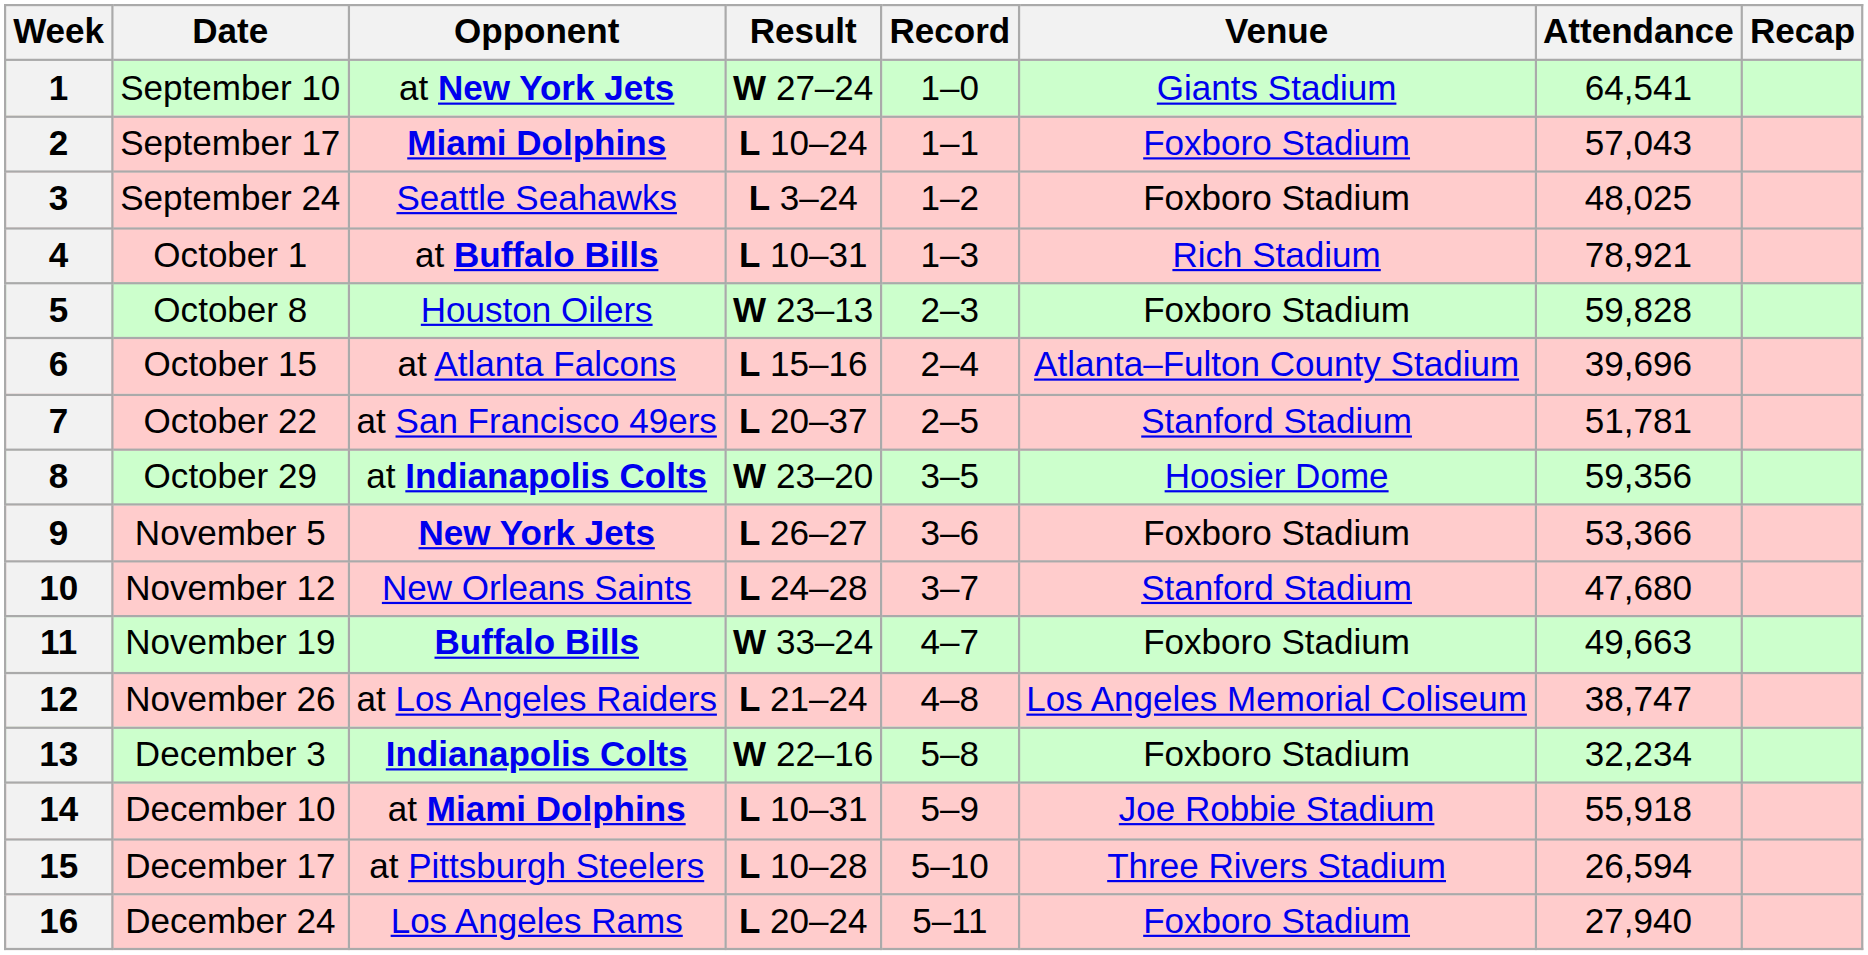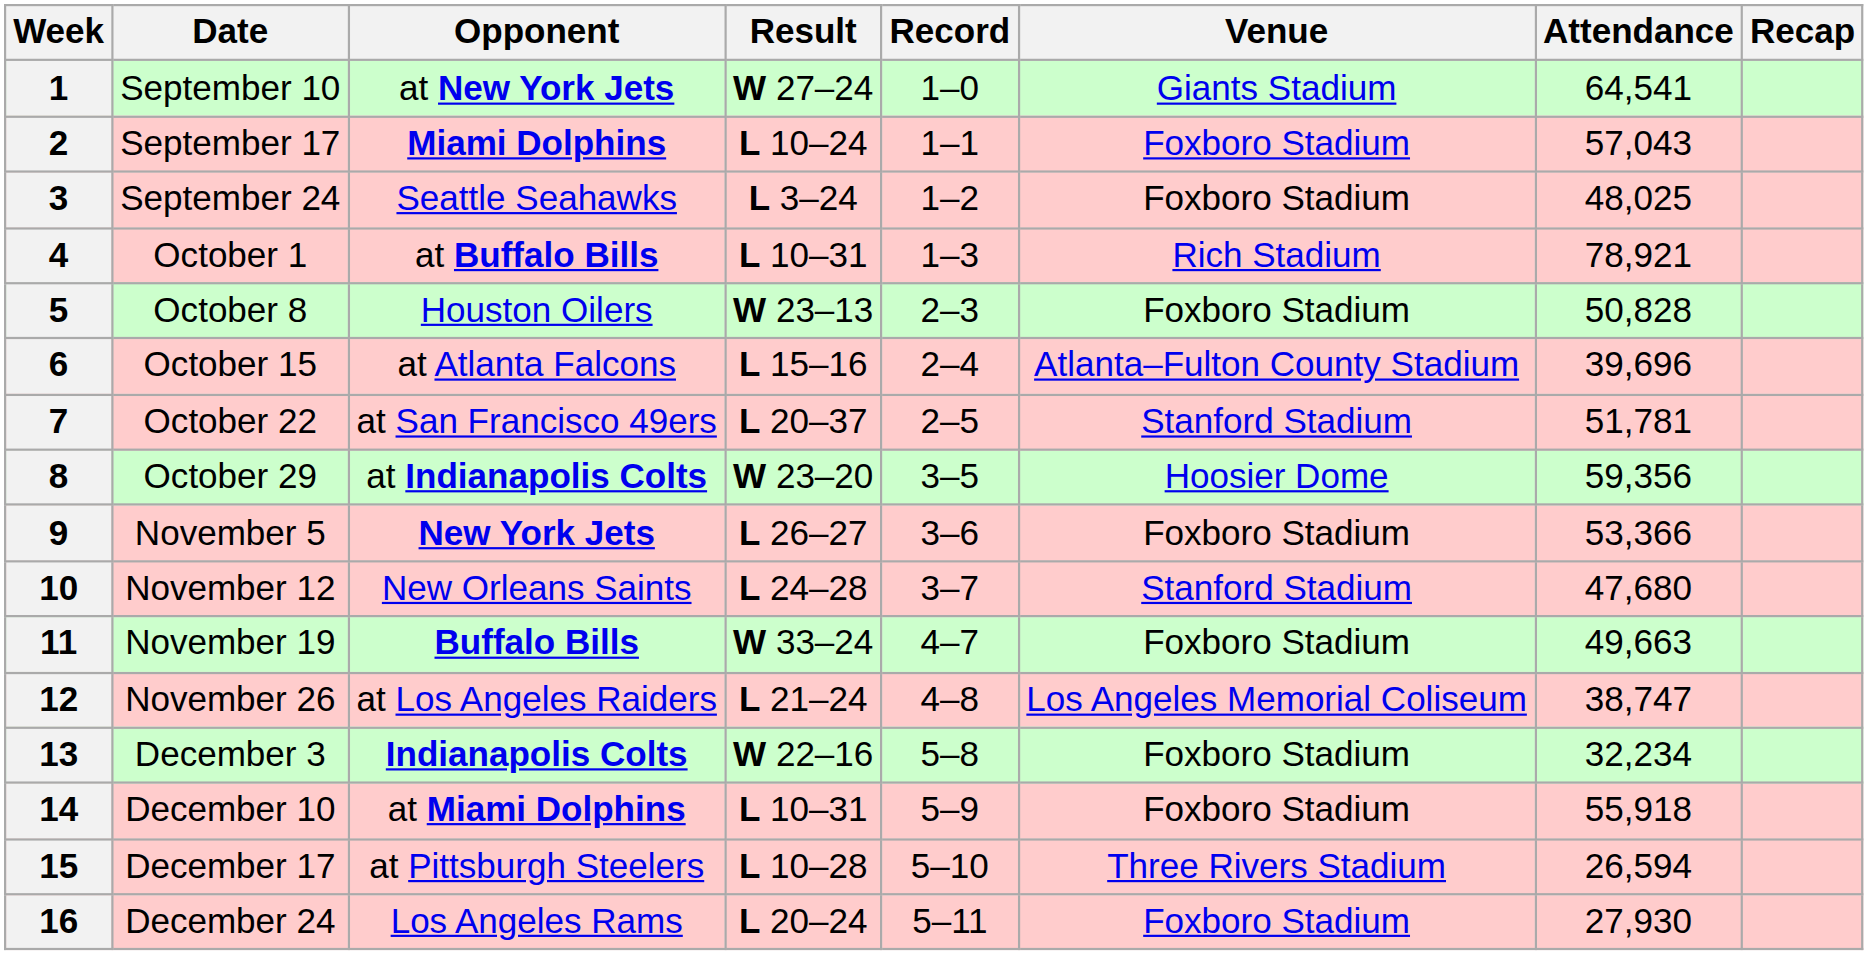 <table class="wikitable" style="text-align:center">
 <tr>
 <th>Week</th>
 <th>Date</th>
 <th>Opponent</th>
 <th>Result</th>
 <th>Record</th>
 <th>Venue</th>
 <th>Attendance</th>
 <th>Recap</th>
 </tr>
 <tr style="background: #cfc;">
 <th>1</th>
 <td>September 10</td>
 <td>at <strong><a href='#'>New York Jets</a></strong></td>
 <td><strong>W</strong> 27–24</td>
 <td>1–0</td>
 <td><a href='#'>Giants Stadium</a></td>
 <td>64,541</td>
 <td></td>
 </tr>
 <tr style="background: #fcc;">
 <th>2</th>
 <td>September 17</td>
 <td><strong><a href='#'>Miami Dolphins</a></strong></td>
 <td><strong>L</strong> 10–24</td>
 <td>1–1</td>
 <td><a href='#'>Foxboro Stadium</a></td>
 <td>57,043</td>
 <td></td>
 </tr>
 <tr style="background: #fcc;">
 <th>3</th>
 <td>September 24</td>
 <td><a href='#'>Seattle Seahawks</a></td>
 <td><strong>L</strong> 3–24</td>
 <td>1–2</td>
 <td>Foxboro Stadium</td>
 <td>48,025</td>
 <td></td>
 </tr>
 <tr style="background: #fcc;">
 <th>4</th>
 <td>October 1</td>
 <td>at <strong><a href='#'>Buffalo Bills</a></strong></td>
 <td><strong>L</strong> 10–31</td>
 <td>1–3</td>
 <td><a href='#'>Rich Stadium</a></td>
 <td>78,921</td>
 <td></td>
 </tr>
 <tr style="background: #cfc;">
 <th>5</th>
 <td>October 8</td>
 <td><a href='#'>Houston Oilers</a></td>
 <td><strong>W</strong> 23–13</td>
 <td>2–3</td>
 <td>Foxboro Stadium</td>
-<td>59,828</td>
+<td>50,828</td>
 <td></td>
 </tr>
 <tr style="background: #fcc;">
 <th>6</th>
 <td>October 15</td>
 <td>at <a href='#'>Atlanta Falcons</a></td>
 <td><strong>L</strong> 15–16</td>
 <td>2–4</td>
 <td><a href='#'>Atlanta–Fulton County Stadium</a></td>
 <td>39,696</td>
 <td></td>
 </tr>
 <tr style="background: #fcc;">
 <th>7</th>
 <td>October 22</td>
 <td>at <a href='#'>San Francisco 49ers</a></td>
 <td><strong>L</strong> 20–37</td>
 <td>2–5</td>
 <td><a href='#'>Stanford Stadium</a></td>
 <td>51,781</td>
 <td></td>
 </tr>
 <tr style="background: #cfc;">
 <th>8</th>
 <td>October 29</td>
 <td>at <strong><a href='#'>Indianapolis Colts</a></strong></td>
 <td><strong>W</strong> 23–20</td>
 <td>3–5</td>
 <td><a href='#'>Hoosier Dome</a></td>
 <td>59,356</td>
 <td></td>
 </tr>
 <tr style="background: #fcc;">
 <th>9</th>
 <td>November 5</td>
 <td><strong><a href='#'>New York Jets</a></strong></td>
 <td><strong>L</strong> 26–27</td>
 <td>3–6</td>
 <td>Foxboro Stadium</td>
 <td>53,366</td>
 <td></td>
 </tr>
 <tr style="background: #fcc;">
 <th>10</th>
 <td>November 12</td>
 <td><a href='#'>New Orleans Saints</a></td>
 <td><strong>L</strong> 24–28</td>
 <td>3–7</td>
 <td><a href='#'>Stanford Stadium</a></td>
 <td>47,680</td>
 <td></td>
 </tr>
 <tr style="background: #cfc;">
 <th>11</th>
 <td>November 19</td>
 <td><strong><a href='#'>Buffalo Bills</a></strong></td>
 <td><strong>W</strong> 33–24</td>
 <td>4–7</td>
 <td>Foxboro Stadium</td>
 <td>49,663</td>
 <td></td>
 </tr>
 <tr style="background: #fcc;">
 <th>12</th>
 <td>November 26</td>
 <td>at <a href='#'>Los Angeles Raiders</a></td>
 <td><strong>L</strong> 21–24</td>
 <td>4–8</td>
 <td><a href='#'>Los Angeles Memorial Coliseum</a></td>
 <td>38,747</td>
 <td></td>
 </tr>
 <tr style="background: #cfc;">
 <th>13</th>
 <td>December 3</td>
 <td><strong><a href='#'>Indianapolis Colts</a></strong></td>
 <td><strong>W</strong> 22–16</td>
 <td>5–8</td>
 <td>Foxboro Stadium</td>
 <td>32,234</td>
 <td></td>
 </tr>
 <tr style="background: #fcc;">
 <th>14</th>
 <td>December 10</td>
 <td>at <strong><a href='#'>Miami Dolphins</a></strong></td>
 <td><strong>L</strong> 10–31</td>
 <td>5–9</td>
-<td><a href='#'>Joe Robbie Stadium</a></td>
+<td>Foxboro Stadium</td>
 <td>55,918</td>
 <td></td>
 </tr>
 <tr style="background: #fcc;">
 <th>15</th>
 <td>December 17</td>
 <td>at <a href='#'>Pittsburgh Steelers</a></td>
 <td><strong>L</strong> 10–28</td>
 <td>5–10</td>
 <td><a href='#'>Three Rivers Stadium</a></td>
 <td>26,594</td>
 <td></td>
 </tr>
 <tr style="background: #fcc;">
 <th>16</th>
 <td>December 24</td>
 <td><a href='#'>Los Angeles Rams</a></td>
 <td><strong>L</strong> 20–24</td>
 <td>5–11</td>
 <td><a href='#'>Foxboro Stadium</a></td>
-<td>27,940</td>
+<td>27,930</td>
 <td></td>
 </tr>
 </table>
